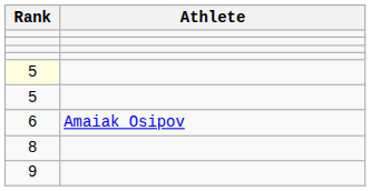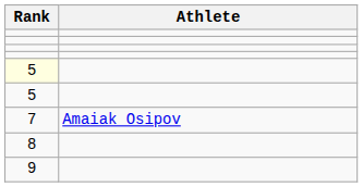 <table class="wikitable" style="text-align: center;">
 <tr>
 <th width=40>Rank</th>
 <th width=250>Athlete</th>
 </tr>
 <tr>
 <td></td>
 <td align="left"></td>
 </tr>
 <tr>
 <td></td>
 <td align="left"></td>
 </tr>
 <tr>
 <td></td>
 <td align="left"></td>
 </tr>
 <tr>
 <td></td>
 <td align="left"></td>
 </tr>
 <tr>
 <td style="background: lightyellow;">5</td>
 <td align="left"></td>
 </tr>
 <tr>
 <td>5</td>
 <td align="left"></td>
 </tr>
 <tr>
-<td>6</td>
+<td>7</td>
 <td align="left"> <a href='#'>Amaiak Osipov</a> </td>
 </tr>
 <tr>
 <td>8</td>
 <td align="left"></td>
 </tr>
 <tr>
 <td>9</td>
 <td align="left"></td>
 </tr>
 </table>
